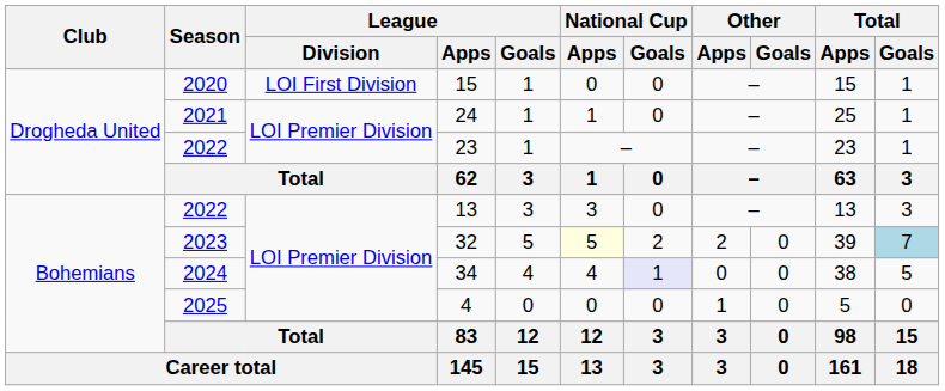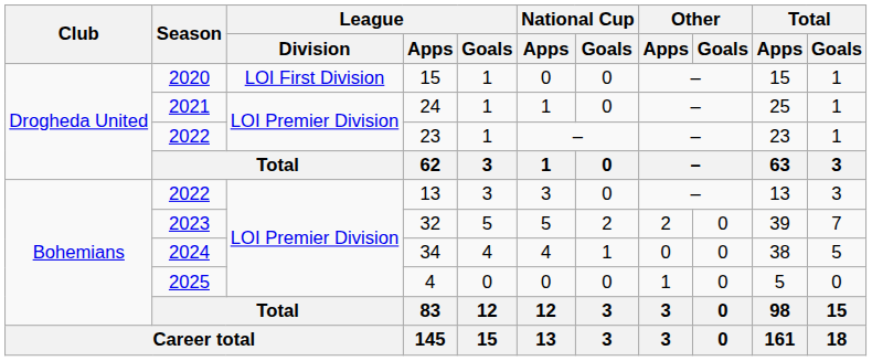 <table class=wikitable style="text-align: center">
 <tr>
 <th rowspan=2>Club</th>
 <th rowspan=2>Season</th>
 <th colspan=3>League</th>
 <th colspan=2>National Cup</th>
 <th colspan=2>Other</th>
 <th colspan=2>Total</th>
 </tr>
 <tr>
 <th>Division</th>
 <th>Apps</th>
 <th>Goals</th>
 <th>Apps</th>
 <th>Goals</th>
 <th>Apps</th>
 <th>Goals</th>
 <th>Apps</th>
 <th>Goals</th>
 </tr>
 <tr>
 <td rowspan="4"><a href='#'>Drogheda United</a></td>
 <td><a href='#'>2020</a></td>
 <td><a href='#'>LOI First Division</a></td>
 <td>15</td>
 <td>1</td>
 <td>0</td>
 <td>0</td>
 <td colspan="2">–</td>
 <td>15</td>
 <td>1</td>
 </tr>
 <tr>
 <td><a href='#'>2021</a></td>
 <td rowspan="2"><a href='#'>LOI Premier Division</a></td>
 <td>24</td>
 <td>1</td>
 <td>1</td>
 <td>0</td>
 <td colspan="2">–</td>
 <td>25</td>
 <td>1</td>
 </tr>
 <tr>
 <td><a href='#'>2022</a></td>
 <td>23</td>
 <td>1</td>
 <td colspan="2">–</td>
 <td colspan="2">–</td>
 <td>23</td>
 <td>1</td>
 </tr>
 <tr>
 <th colspan="2">Total</th>
 <th>62</th>
 <th>3</th>
 <th>1</th>
 <th>0</th>
 <th colspan="2">–</th>
 <th>63</th>
 <th>3</th>
 </tr>
 <tr>
 <td rowspan="5"><a href='#'>Bohemians</a></td>
 <td><a href='#'>2022</a></td>
 <td rowspan="4"><a href='#'>LOI Premier Division</a></td>
 <td>13</td>
 <td>3</td>
 <td>3</td>
 <td>0</td>
 <td colspan="2">–</td>
 <td>13</td>
 <td>3</td>
 </tr>
 <tr>
 <td><a href='#'>2023</a></td>
 <td>32</td>
 <td>5</td>
-<td style="background: lightyellow;">5</td>
+<td>5</td>
 <td>2</td>
 <td>2</td>
 <td>0</td>
 <td>39</td>
-<td style="background: lightblue;">7</td>
+<td>7</td>
 </tr>
 <tr>
 <td><a href='#'>2024</a></td>
 <td>34</td>
 <td>4</td>
 <td>4</td>
-<td style="background: lavender;">1</td>
+<td>1</td>
 <td>0</td>
 <td>0</td>
 <td>38</td>
 <td>5</td>
 </tr>
 <tr>
 <td><a href='#'>2025</a></td>
 <td>4</td>
 <td>0</td>
 <td>0</td>
 <td>0</td>
 <td>1</td>
 <td>0</td>
 <td>5</td>
 <td>0</td>
 </tr>
 <tr>
 <th colspan="2">Total</th>
 <th>83</th>
 <th>12</th>
 <th>12</th>
 <th>3</th>
 <th>3</th>
 <th>0</th>
 <th>98</th>
 <th>15</th>
 </tr>
 <tr>
 <th colspan="3">Career total</th>
 <th>145</th>
 <th>15</th>
 <th>13</th>
 <th>3</th>
 <th>3</th>
 <th>0</th>
 <th>161</th>
 <th>18</th>
 </tr>
 </table>
